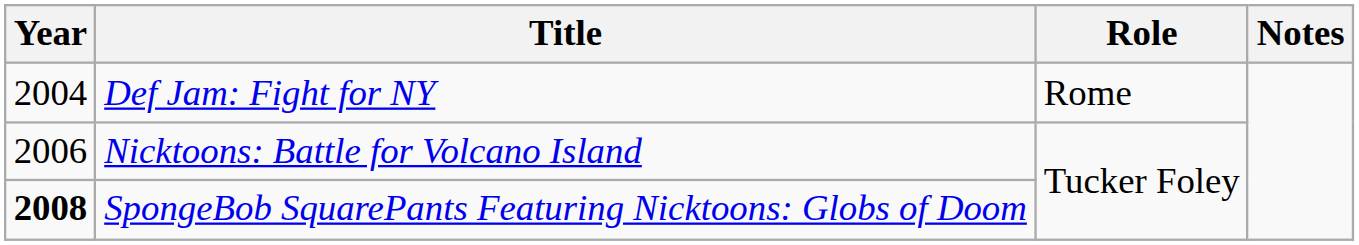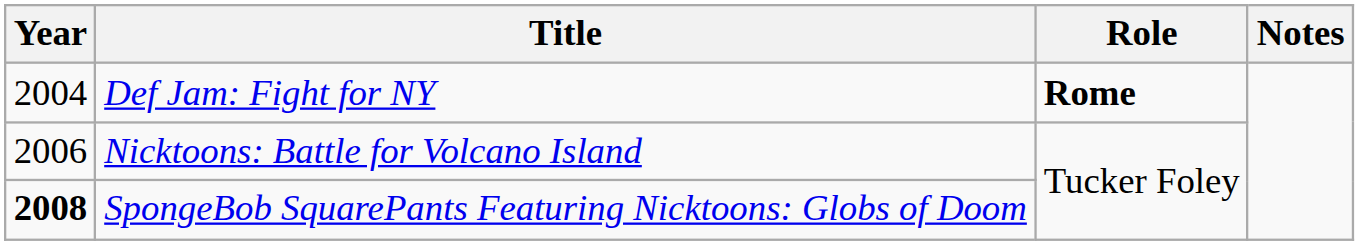 <table class="wikitable sortable">
 <tr>
 <th>Year</th>
 <th>Title</th>
 <th>Role</th>
 <th>Notes</th>
 </tr>
 <tr>
 <td>2004</td>
 <td><em><a href='#'>Def Jam: Fight for NY</a></em></td>
-<td>Rome</td>
+<td><strong>Rome</strong></td>
 <td rowspan="3"></td>
 </tr>
 <tr>
 <td>2006</td>
 <td><em><a href='#'>Nicktoons: Battle for Volcano Island</a></em></td>
 <td rowspan="2">Tucker Foley</td>
 </tr>
 <tr>
 <td><strong>2008</strong></td>
 <td><em><a href='#'>SpongeBob SquarePants Featuring Nicktoons: Globs of Doom</a></em></td>
 </tr>
 </table>
